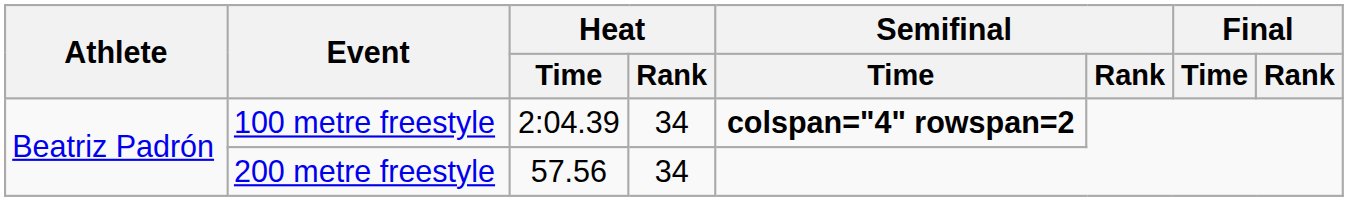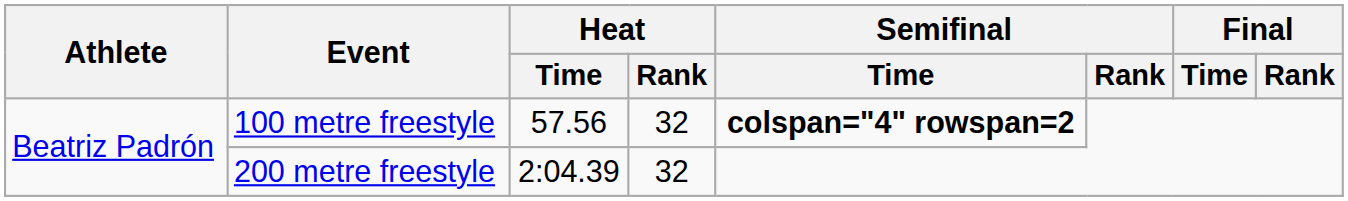 <table class="wikitable" style="text-align:center; font-size:90%; width:50%;">
 <tr>
 <th rowspan="2">Athlete</th>
 <th rowspan="2">Event</th>
 <th colspan="2">Heat</th>
 <th colspan="2">Semifinal</th>
 <th colspan="2">Final</th>
 </tr>
 <tr style="font-size:95%">
 <th>Time</th>
 <th>Rank</th>
 <th>Time</th>
 <th>Rank</th>
 <th>Time</th>
 <th>Rank</th>
 </tr>
 <tr>
 <td align=left rowspan=2><a href='#'>Beatriz Padrón</a></td>
 <td align=left><a href='#'>100 metre freestyle</a></td>
-<td>2:04.39</td>
-<td>34</td>
+<td>57.56</td>
+<td>32</td>
 <td><strong>colspan="4" rowspan=2 </strong></td>
 </tr>
 <tr>
 <td align=left><a href='#'>200 metre freestyle</a></td>
-<td>57.56</td>
-<td>34</td>
+<td>2:04.39</td>
+<td>32</td>
 </tr>
 </table>
